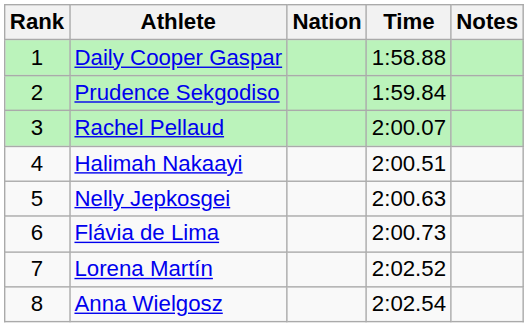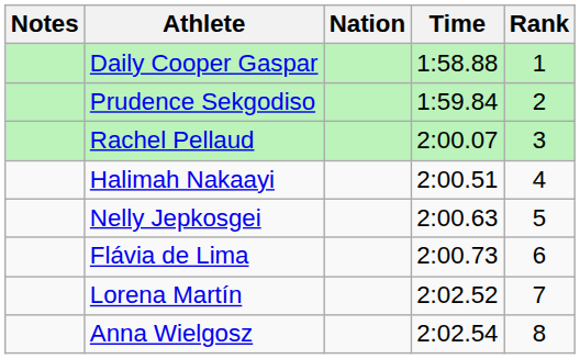 <table class="wikitable sortable" style="text-align:center;">
 <tr>
-<th>Rank</th>
+<th>Notes</th>
 <th>Athlete</th>
 <th>Nation</th>
 <th>Time</th>
-<th>Notes</th>
+<th>Rank</th>
 </tr>
 <tr bgcolor=bbf3bb>
-<td>1</td>
+<td></td>
 <td align=left><a href='#'>Daily Cooper Gaspar</a></td>
 <td align=left></td>
 <td>1:58.88</td>
-<td></td>
+<td>1</td>
 </tr>
 <tr bgcolor=bbf3bb>
-<td>2</td>
+<td></td>
 <td align=left><a href='#'>Prudence Sekgodiso</a></td>
 <td align=left></td>
 <td>1:59.84</td>
-<td></td>
+<td>2</td>
 </tr>
 <tr bgcolor=bbf3bb>
-<td>3</td>
+<td></td>
 <td align=left><a href='#'>Rachel Pellaud</a></td>
 <td align=left></td>
 <td>2:00.07</td>
-<td></td>
+<td>3</td>
 </tr>
 <tr>
-<td>4</td>
+<td></td>
 <td align=left><a href='#'>Halimah Nakaayi</a></td>
 <td align=left></td>
 <td>2:00.51</td>
-<td></td>
+<td>4</td>
 </tr>
 <tr>
-<td>5</td>
+<td></td>
 <td align=left><a href='#'>Nelly Jepkosgei</a></td>
 <td align=left></td>
 <td>2:00.63</td>
-<td></td>
+<td>5</td>
 </tr>
 <tr>
-<td>6</td>
+<td></td>
 <td align=left><a href='#'>Flávia de Lima</a></td>
 <td align=left></td>
 <td>2:00.73</td>
-<td></td>
+<td>6</td>
 </tr>
 <tr>
-<td>7</td>
+<td></td>
 <td align=left><a href='#'>Lorena Martín</a></td>
 <td align=left></td>
 <td>2:02.52</td>
-<td></td>
+<td>7</td>
 </tr>
 <tr>
-<td>8</td>
+<td></td>
 <td align=left><a href='#'>Anna Wielgosz</a></td>
 <td align=left></td>
 <td>2:02.54</td>
-<td></td>
+<td>8</td>
 </tr>
 </table>
